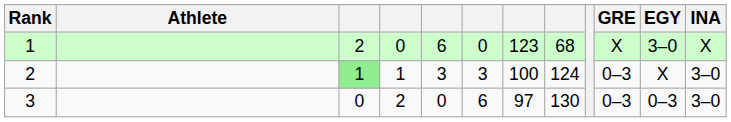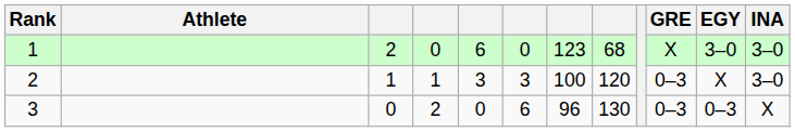 <table class="wikitable" style="text-align:center">
 <tr>
 <th>Rank</th>
 <th width=250>Athlete</th>
 <th width=30></th>
 <th width=30></th>
 <th width=30></th>
 <th width=30></th>
 <th width=30></th>
 <th width=30></th>
 <th rowspan=4></th>
 <th width=30>GRE</th>
 <th width=30>EGY</th>
 <th width=30>INA</th>
 </tr>
 <tr bgcolor=#ccffcc>
 <td>1</td>
 <td align=left></td>
 <td>2</td>
 <td>0</td>
 <td>6</td>
 <td>0</td>
 <td>123</td>
 <td>68</td>
 <td>X</td>
 <td>3–0</td>
-<td>X</td>
+<td>3–0</td>
 </tr>
 <tr>
 <td>2</td>
 <td align=left></td>
-<td style="background: lightgreen;">1</td>
+<td>1</td>
 <td>1</td>
 <td>3</td>
 <td>3</td>
 <td>100</td>
-<td>124</td>
+<td>120</td>
 <td>0–3</td>
 <td>X</td>
 <td>3–0</td>
 </tr>
 <tr>
 <td>3</td>
 <td align=left></td>
 <td>0</td>
 <td>2</td>
 <td>0</td>
 <td>6</td>
-<td>97</td>
+<td>96</td>
 <td>130</td>
 <td>0–3</td>
 <td>0–3</td>
-<td>3–0</td>
+<td>X</td>
 </tr>
 </table>
